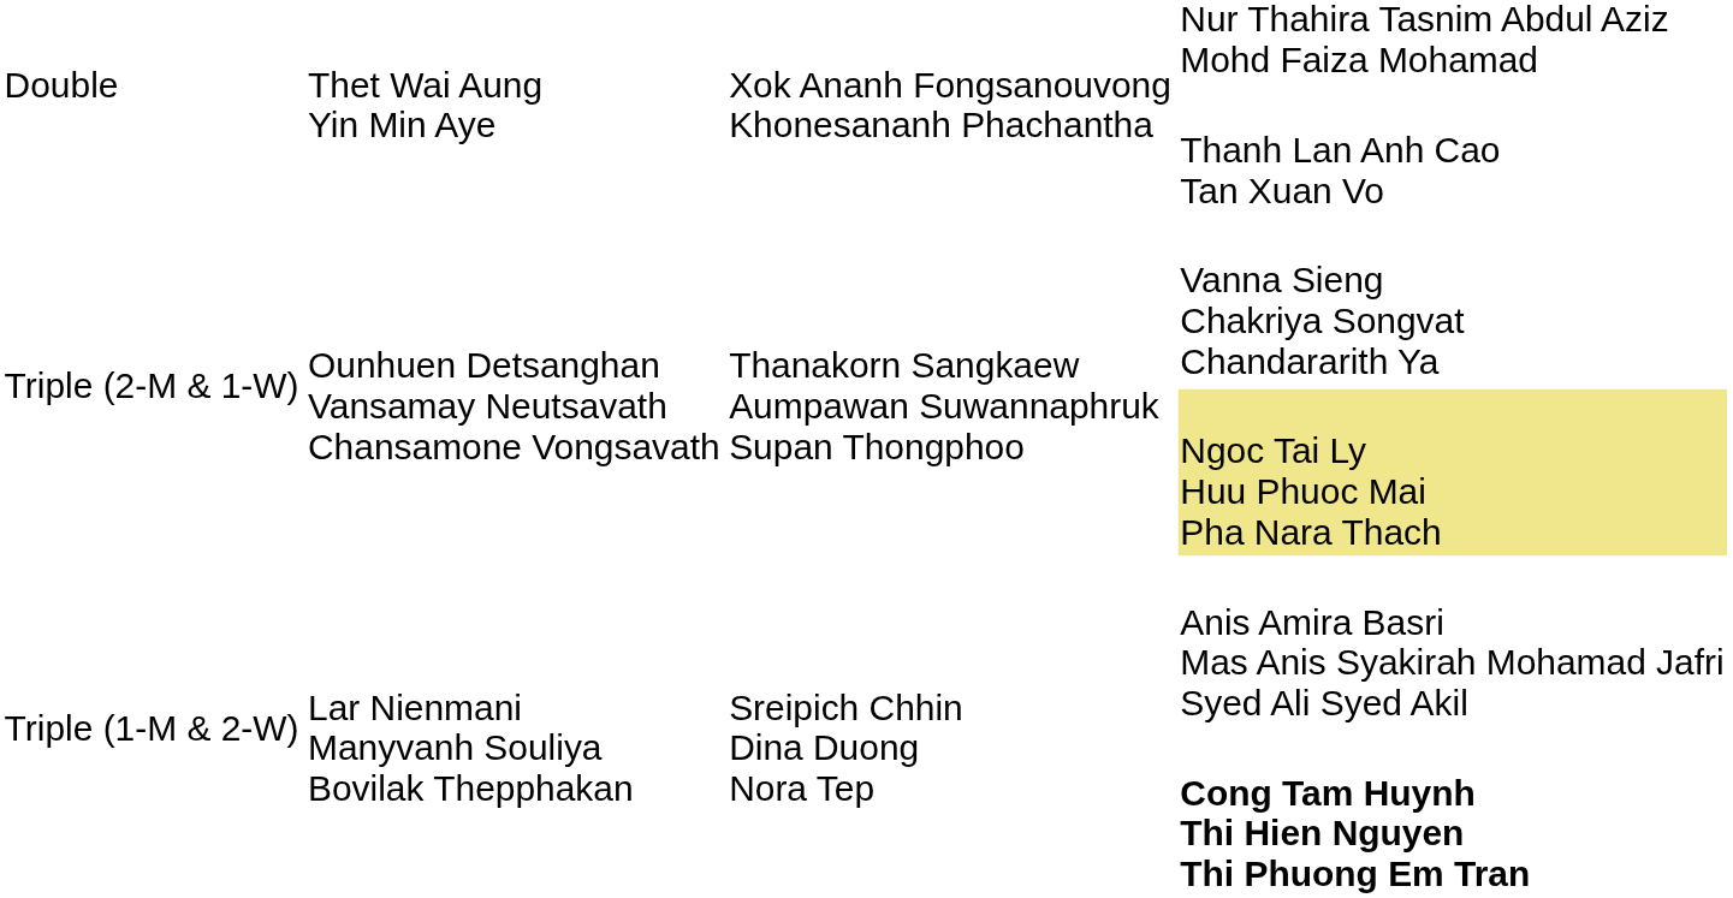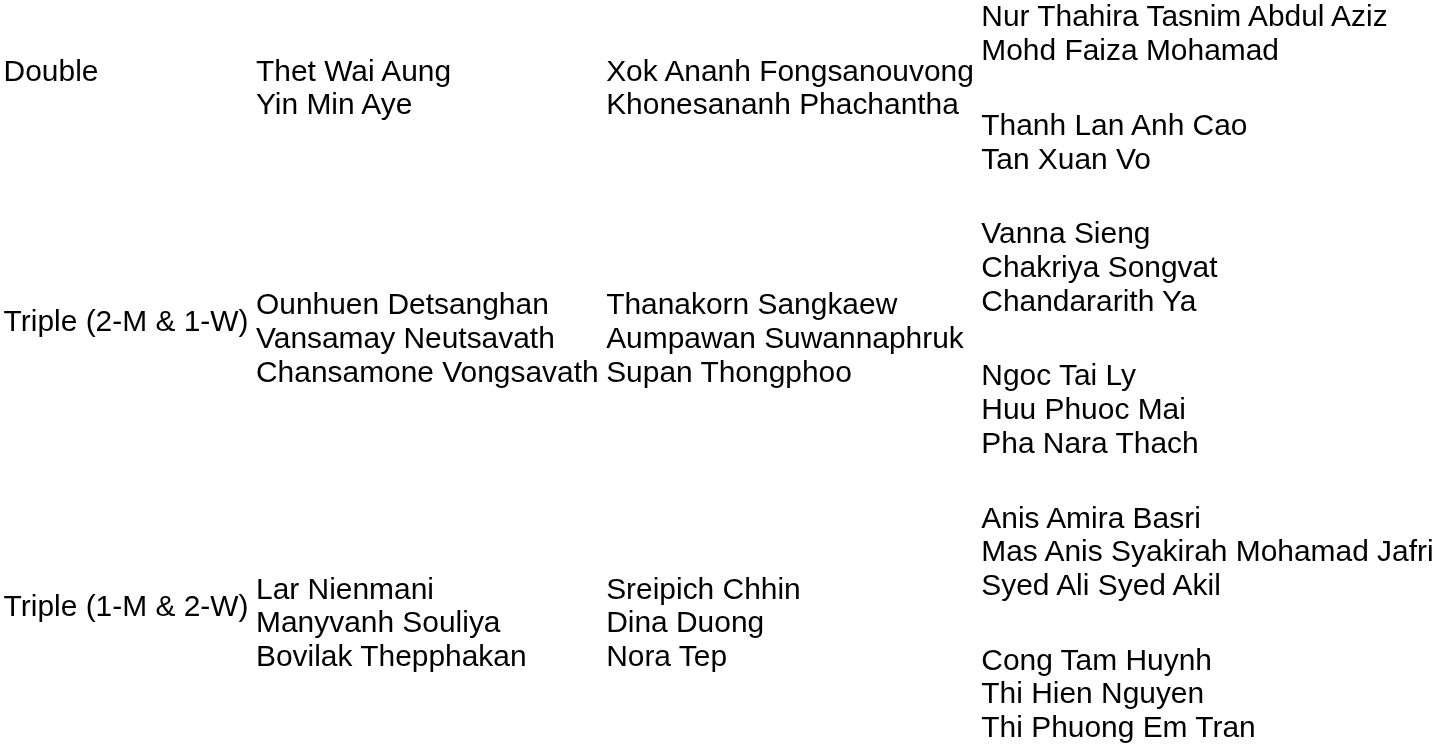 <table>
 <tr>
 <td rowspan=2>Double</td>
 <td rowspan=2><br>Thet Wai Aung<br>Yin Min Aye</td>
 <td rowspan=2><br>Xok Ananh Fongsanouvong<br>Khonesananh Phachantha</td>
 <td><br>Nur Thahira Tasnim Abdul Aziz<br>Mohd Faiza Mohamad</td>
 </tr>
 <tr>
 <td><br>Thanh Lan Anh Cao<br>Tan Xuan Vo</td>
 </tr>
 <tr>
 <td rowspan=2>Triple (2-M & 1-W)</td>
 <td rowspan=2><br>Ounhuen Detsanghan<br>Vansamay Neutsavath<br>Chansamone Vongsavath</td>
 <td rowspan=2><br>Thanakorn Sangkaew<br>Aumpawan Suwannaphruk<br>Supan Thongphoo</td>
 <td><br>Vanna Sieng<br>Chakriya Songvat<br>Chandararith Ya</td>
 </tr>
 <tr>
-<td style="background: khaki;"><br>Ngoc Tai Ly<br>Huu Phuoc Mai<br>Pha Nara Thach</td>
+<td><br>Ngoc Tai Ly<br>Huu Phuoc Mai<br>Pha Nara Thach</td>
 </tr>
 <tr>
 <td rowspan=2>Triple (1-M & 2-W)</td>
 <td rowspan=2><br>Lar Nienmani<br>Manyvanh Souliya<br>Bovilak Thepphakan</td>
 <td rowspan=2><br>Sreipich Chhin<br>Dina Duong<br>Nora Tep</td>
 <td><br>Anis Amira Basri<br>Mas Anis Syakirah Mohamad Jafri<br>Syed Ali Syed Akil</td>
 </tr>
 <tr>
-<td><strong><br>Cong Tam Huynh<br>Thi Hien Nguyen<br>Thi Phuong Em Tran</strong></td>
+<td><br>Cong Tam Huynh<br>Thi Hien Nguyen<br>Thi Phuong Em Tran</td>
 </tr>
 <tr>
 </tr>
 </table>
